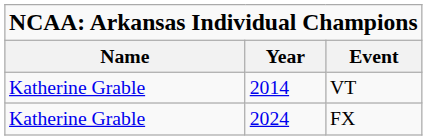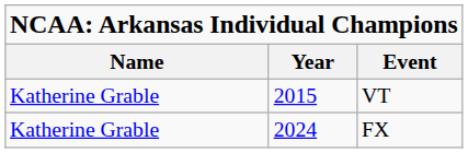 <table class="wikitable" style="margin: 1em auto 1em auto">
 <tr>
 <td colspan="3" align="center"><big><span><strong>NCAA: Arkansas Individual Champions</strong></span></big></td>
 </tr>
 <tr align="center" valign="top">
 <th>Name</th>
 <th>Year</th>
 <th>Event</th>
 </tr>
 <tr>
 <td><a href='#'>Katherine Grable</a></td>
-<td><a href='#'>2014</a></td>
+<td><a href='#'>2015</a></td>
 <td>VT</td>
 </tr>
 <tr>
 <td><a href='#'>Katherine Grable</a></td>
 <td><a href='#'>2024</a></td>
 <td>FX</td>
 </tr>
 </table>
